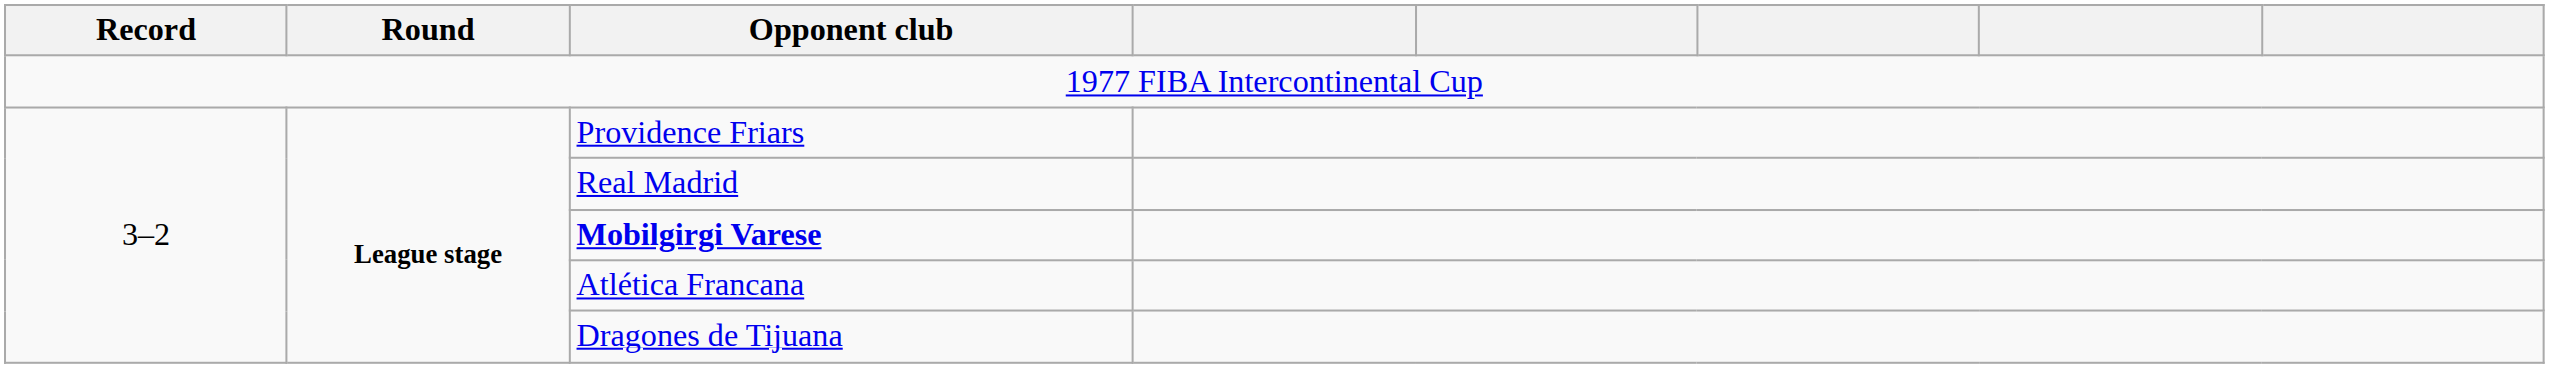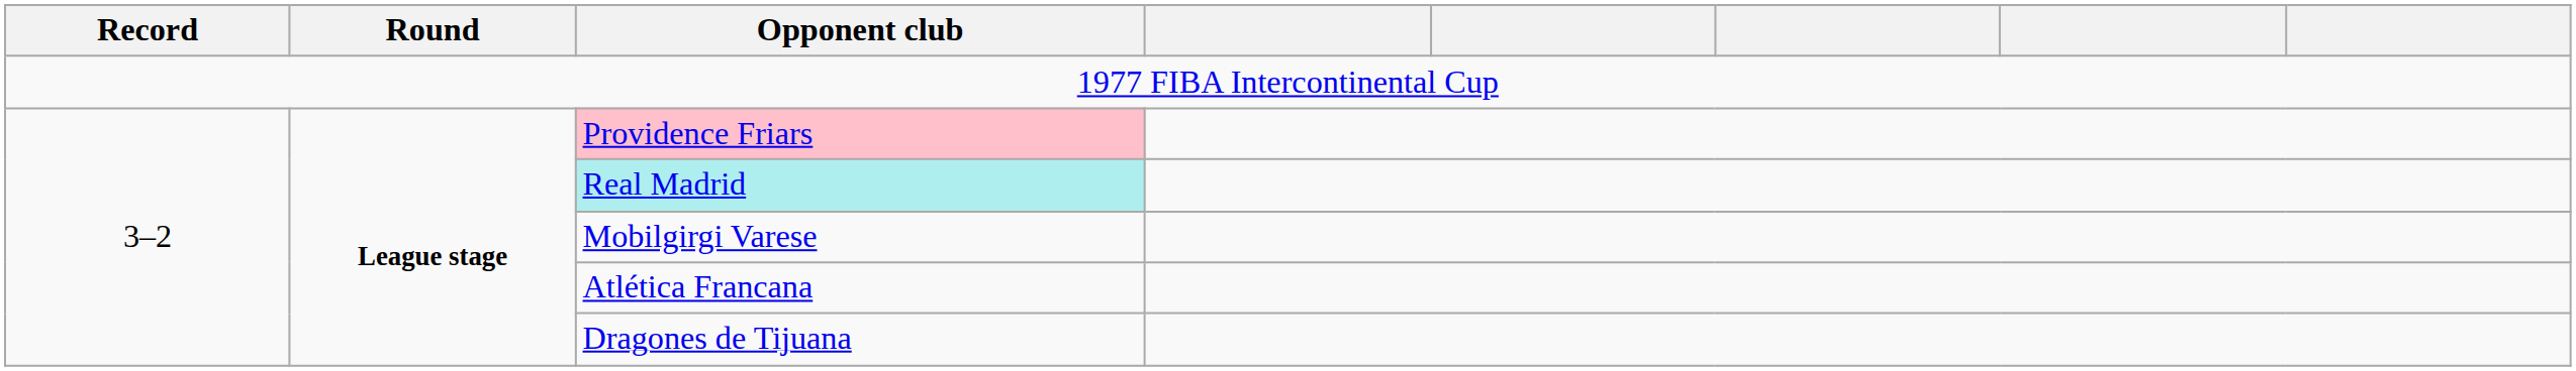 <table class="wikitable" width=100% style="text-align: center;">
 <tr>
 <th width=10%>Record</th>
 <th width=10%>Round</th>
 <th width=20%>Opponent club</th>
 <th width=10%></th>
 <th width=10%></th>
 <th width=10%></th>
 <th width=10%></th>
 <th width=10%></th>
 </tr>
 <tr>
 <td colspan=8><a href='#'>1977 FIBA Intercontinental Cup</a></td>
 </tr>
 <tr>
 <td rowspan=5>3–2</td>
 <td rowspan=5><br><small><strong>League stage</strong></small></td>
-<td align=left> <a href='#'>Providence Friars</a></td>
+<td align=left style="background: pink;"> <a href='#'>Providence Friars</a></td>
 <td colspan=5></td>
 </tr>
 <tr>
-<td align=left> <a href='#'>Real Madrid</a></td>
+<td align=left style="background: paleturquoise;"> <a href='#'>Real Madrid</a></td>
 <td colspan=5></td>
 </tr>
 <tr>
-<td align=left><strong> <a href='#'>Mobilgirgi Varese</a></strong></td>
+<td align=left> <a href='#'>Mobilgirgi Varese</a></td>
 <td colspan=5></td>
 </tr>
 <tr>
 <td align=left> <a href='#'>Atlética Francana</a></td>
 <td colspan=5></td>
 </tr>
 <tr>
 <td align=left> <a href='#'>Dragones de Tijuana</a></td>
 <td colspan=5></td>
 </tr>
 </table>
